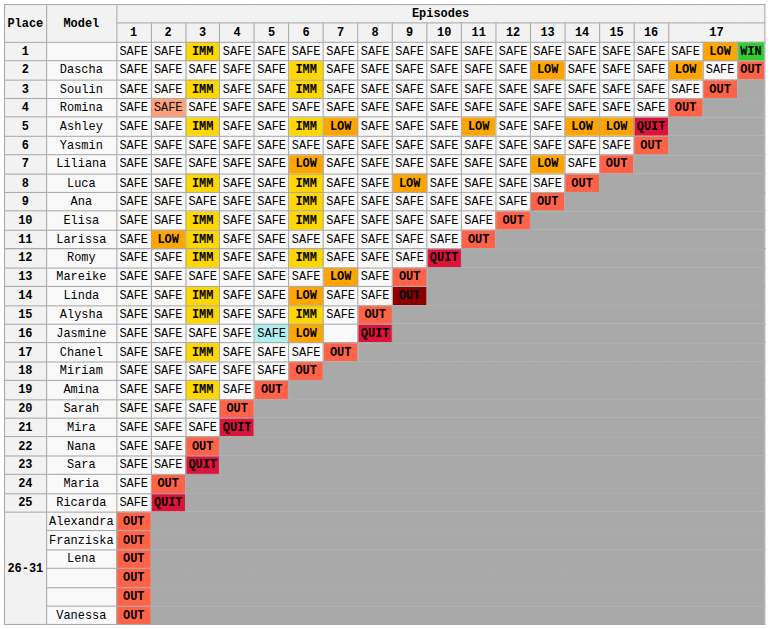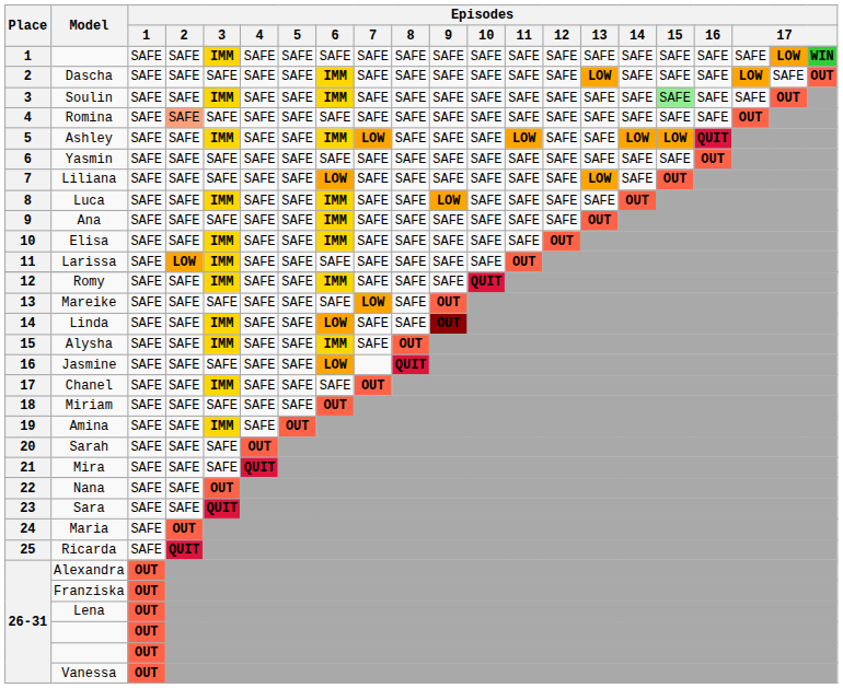 <table class="wikitable" style="width:50%; text-align:center; font-size:85%;">
 <tr>
 <th rowspan="2">Place</th>
 <th rowspan="2">Model</th>
 <th colspan="20">Episodes</th>
 </tr>
 <tr>
 <th>1</th>
 <th>2</th>
 <th>3</th>
 <th>4</th>
 <th>5</th>
 <th>6</th>
 <th>7</th>
 <th>8</th>
 <th>9</th>
 <th>10</th>
 <th>11</th>
 <th>12</th>
 <th>13</th>
 <th>14</th>
 <th>15</th>
 <th>16</th>
 <th colspan=3>17</th>
 </tr>
 <tr>
 <th>1</th>
 <td></td>
 <td>SAFE</td>
 <td>SAFE</td>
 <td style="background:gold;"><strong>IMM</strong></td>
 <td>SAFE</td>
 <td>SAFE</td>
 <td>SAFE</td>
 <td>SAFE</td>
 <td>SAFE</td>
 <td>SAFE</td>
 <td>SAFE</td>
 <td>SAFE</td>
 <td>SAFE</td>
 <td>SAFE</td>
 <td>SAFE</td>
 <td>SAFE</td>
 <td>SAFE</td>
 <td>SAFE</td>
 <td style="background:orange;"><strong>LOW</strong></td>
 <td style="background:limegreen;"><strong>WIN</strong></td>
 </tr>
 <tr>
 <th>2</th>
 <td>Dascha</td>
 <td>SAFE</td>
 <td>SAFE</td>
 <td>SAFE</td>
 <td>SAFE</td>
 <td>SAFE</td>
 <td style="background:gold;"><strong>IMM</strong></td>
 <td>SAFE</td>
 <td>SAFE</td>
 <td>SAFE</td>
 <td>SAFE</td>
 <td>SAFE</td>
 <td>SAFE</td>
 <td style="background:orange;"><strong>LOW</strong></td>
 <td>SAFE</td>
 <td>SAFE</td>
 <td>SAFE</td>
 <td style="background:orange;"><strong>LOW</strong></td>
 <td>SAFE</td>
 <td style="background:tomato;"><strong>OUT</strong></td>
 </tr>
 <tr>
 <th>3</th>
 <td>Soulin</td>
 <td>SAFE</td>
 <td>SAFE</td>
 <td style="background:gold;"><strong>IMM</strong></td>
 <td>SAFE</td>
 <td>SAFE</td>
 <td style="background:gold;"><strong>IMM</strong></td>
 <td>SAFE</td>
 <td>SAFE</td>
 <td>SAFE</td>
 <td>SAFE</td>
 <td>SAFE</td>
 <td>SAFE</td>
 <td>SAFE</td>
 <td>SAFE</td>
-<td>SAFE</td>
+<td style="background: lightgreen;">SAFE</td>
 <td>SAFE</td>
 <td>SAFE</td>
 <td style="background:tomato;"><strong>OUT</strong></td>
 <td colspan="25" style="background:darkgrey"></td>
 </tr>
 <tr>
 <th>4</th>
 <td>Romina</td>
 <td>SAFE</td>
 <td style="background: lightsalmon;">SAFE</td>
 <td>SAFE</td>
 <td>SAFE</td>
 <td>SAFE</td>
 <td>SAFE</td>
 <td>SAFE</td>
 <td>SAFE</td>
 <td>SAFE</td>
 <td>SAFE</td>
 <td>SAFE</td>
 <td>SAFE</td>
 <td>SAFE</td>
 <td>SAFE</td>
 <td>SAFE</td>
 <td>SAFE</td>
 <td style="background:tomato;"><strong>OUT</strong></td>
 <td colspan="25" style="background:darkgrey"></td>
 </tr>
 <tr>
 <th>5</th>
 <td>Ashley</td>
 <td>SAFE</td>
 <td>SAFE</td>
 <td style="background:gold;"><strong>IMM</strong></td>
 <td>SAFE</td>
 <td>SAFE</td>
 <td style="background:gold;"><strong>IMM</strong></td>
 <td style="background:orange;"><strong>LOW</strong></td>
 <td>SAFE</td>
 <td>SAFE</td>
 <td>SAFE</td>
 <td style="background:orange;"><strong>LOW</strong></td>
 <td>SAFE</td>
 <td>SAFE</td>
 <td style="background:orange;"><strong>LOW</strong></td>
 <td style="background:orange;"><strong>LOW</strong></td>
 <td style="background:crimson;"><strong><span>QUIT</span></strong></td>
 <td colspan="25" style="background:darkgrey"></td>
 </tr>
 <tr>
 <th>6</th>
 <td>Yasmin</td>
 <td>SAFE</td>
 <td>SAFE</td>
 <td>SAFE</td>
 <td>SAFE</td>
 <td>SAFE</td>
 <td>SAFE</td>
 <td>SAFE</td>
 <td>SAFE</td>
 <td>SAFE</td>
 <td>SAFE</td>
 <td>SAFE</td>
 <td>SAFE</td>
 <td>SAFE</td>
 <td>SAFE</td>
 <td>SAFE</td>
 <td style="background:tomato;"><strong>OUT</strong></td>
 <td colspan="25" style="background:darkgrey"></td>
 </tr>
 <tr>
 <th>7</th>
 <td>Liliana</td>
 <td>SAFE</td>
 <td>SAFE</td>
 <td>SAFE</td>
 <td>SAFE</td>
 <td>SAFE</td>
 <td style="background:orange;"><strong>LOW</strong></td>
 <td>SAFE</td>
 <td>SAFE</td>
 <td>SAFE</td>
 <td>SAFE</td>
 <td>SAFE</td>
 <td>SAFE</td>
 <td style="background:orange;"><strong>LOW</strong></td>
 <td>SAFE</td>
 <td style="background:tomato;"><strong>OUT</strong></td>
 <td colspan="25" style="background:darkgrey"></td>
 </tr>
 <tr>
 <th>8</th>
 <td>Luca</td>
 <td>SAFE</td>
 <td>SAFE</td>
 <td style="background:gold;"><strong>IMM</strong></td>
 <td>SAFE</td>
 <td>SAFE</td>
 <td style="background:gold;"><strong>IMM</strong></td>
 <td>SAFE</td>
 <td>SAFE</td>
 <td style="background:orange;"><strong>LOW</strong></td>
 <td>SAFE</td>
 <td>SAFE</td>
 <td>SAFE</td>
 <td>SAFE</td>
 <td style="background:tomato;"><strong>OUT</strong></td>
 <td colspan="25" style="background:darkgrey"></td>
 </tr>
 <tr>
 <th>9</th>
 <td>Ana</td>
 <td>SAFE</td>
 <td>SAFE</td>
 <td>SAFE</td>
 <td>SAFE</td>
 <td>SAFE</td>
 <td style="background:gold;"><strong>IMM</strong></td>
 <td>SAFE</td>
 <td>SAFE</td>
 <td>SAFE</td>
 <td>SAFE</td>
 <td>SAFE</td>
 <td>SAFE</td>
 <td style="background:tomato;"><strong>OUT</strong></td>
 <td colspan="25" style="background:darkgrey"></td>
 </tr>
 <tr>
 <th>10</th>
 <td>Elisa</td>
 <td>SAFE</td>
 <td>SAFE</td>
 <td style="background:gold;"><strong>IMM</strong></td>
 <td>SAFE</td>
 <td>SAFE</td>
 <td style="background:gold;"><strong>IMM</strong></td>
 <td>SAFE</td>
 <td>SAFE</td>
 <td>SAFE</td>
 <td>SAFE</td>
 <td>SAFE</td>
 <td style="background:tomato;"><strong>OUT</strong></td>
 <td colspan="25" style="background:darkgrey"></td>
 </tr>
 <tr>
 <th>11</th>
 <td>Larissa</td>
 <td>SAFE</td>
 <td style="background:orange;"><strong>LOW</strong></td>
 <td style="background:gold;"><strong>IMM</strong></td>
 <td>SAFE</td>
 <td>SAFE</td>
 <td>SAFE</td>
 <td>SAFE</td>
 <td>SAFE</td>
 <td>SAFE</td>
 <td>SAFE</td>
 <td style="background:tomato;"><strong>OUT</strong></td>
 <td colspan="25" style="background:darkgrey"></td>
 </tr>
 <tr>
 </tr>
 <tr>
 <th>12</th>
 <td>Romy</td>
 <td>SAFE</td>
 <td>SAFE</td>
 <td style="background:gold;"><strong>IMM</strong></td>
 <td>SAFE</td>
 <td>SAFE</td>
 <td style="background:gold;"><strong>IMM</strong></td>
 <td>SAFE</td>
 <td>SAFE</td>
 <td>SAFE</td>
 <td style="background:crimson;"><strong><span>QUIT</span></strong></td>
 <td colspan="25" style="background:darkgrey"></td>
 </tr>
 <tr>
 <th>13</th>
 <td>Mareike</td>
 <td>SAFE</td>
 <td>SAFE</td>
 <td>SAFE</td>
 <td>SAFE</td>
 <td>SAFE</td>
 <td>SAFE</td>
 <td style="background:orange;"><strong>LOW</strong></td>
 <td>SAFE</td>
 <td style="background:tomato;"><strong>OUT</strong></td>
 <td colspan="25" style="background:darkgrey"></td>
 </tr>
 <tr>
 <th>14</th>
 <td>Linda</td>
 <td>SAFE</td>
 <td>SAFE</td>
 <td style="background:gold;"><strong>IMM</strong></td>
 <td>SAFE</td>
 <td>SAFE</td>
 <td style="background:orange;"><strong>LOW</strong></td>
 <td>SAFE</td>
 <td>SAFE</td>
 <td style="background:darkred;"><strong><span>OUT</span></strong></td>
 <td colspan="25" style="background:darkgrey"></td>
 </tr>
 <tr>
 <th>15</th>
 <td>Alysha</td>
 <td>SAFE</td>
 <td>SAFE</td>
 <td style="background:gold;"><strong>IMM</strong></td>
 <td>SAFE</td>
 <td>SAFE</td>
 <td style="background:gold;"><strong>IMM</strong></td>
 <td>SAFE</td>
 <td style="background:tomato;"><strong>OUT</strong></td>
 <td colspan="25" style="background:darkgrey"></td>
 </tr>
 <tr>
 <th>16</th>
 <td>Jasmine</td>
 <td>SAFE</td>
 <td>SAFE</td>
 <td>SAFE</td>
 <td>SAFE</td>
-<td style="background: paleturquoise;">SAFE</td>
+<td>SAFE</td>
 <td style="background:orange;"><strong>LOW</strong></td>
 <td></td>
 <td style="background:crimson;"><strong><span>QUIT</span></strong></td>
 <td colspan="25" style="background:darkgrey"></td>
 </tr>
 <tr>
 <th>17</th>
 <td>Chanel</td>
 <td>SAFE</td>
 <td>SAFE</td>
 <td style="background:gold;"><strong>IMM</strong></td>
 <td>SAFE</td>
 <td>SAFE</td>
 <td>SAFE</td>
 <td style="background:tomato;"><strong>OUT</strong></td>
 <td colspan="25" style="background:darkgrey"></td>
 </tr>
 <tr>
 <th>18</th>
 <td>Miriam</td>
 <td>SAFE</td>
 <td>SAFE</td>
 <td>SAFE</td>
 <td>SAFE</td>
 <td>SAFE</td>
 <td style="background:tomato;"><strong>OUT</strong></td>
 <td colspan="25" style="background:darkgrey"></td>
 </tr>
 <tr>
 <th>19</th>
 <td>Amina</td>
 <td>SAFE</td>
 <td>SAFE</td>
 <td style="background:gold;"><strong>IMM</strong></td>
 <td>SAFE</td>
 <td style="background:tomato;"><strong>OUT</strong></td>
 <td colspan="25" style="background:darkgrey"></td>
 </tr>
 <tr>
 <th>20</th>
 <td>Sarah</td>
 <td>SAFE</td>
 <td>SAFE</td>
 <td>SAFE</td>
 <td style="background:tomato;"><strong>OUT</strong></td>
 <td colspan="25" style="background:darkgrey"></td>
 </tr>
 <tr>
 <th>21</th>
 <td>Mira</td>
 <td>SAFE</td>
 <td>SAFE</td>
 <td>SAFE</td>
 <td style="background:crimson;"><strong><span>QUIT</span></strong></td>
 <td colspan="25" style="background:darkgrey"></td>
 </tr>
 <tr>
 <th>22</th>
 <td>Nana</td>
 <td>SAFE</td>
 <td>SAFE</td>
 <td style="background:tomato;"><strong>OUT</strong></td>
 <td colspan="25" style="background:darkgrey"></td>
 </tr>
 <tr>
 <th>23</th>
 <td>Sara</td>
 <td>SAFE</td>
 <td>SAFE</td>
 <td style="background:crimson;"><strong><span>QUIT</span></strong></td>
 <td colspan="25" style="background:darkgrey"></td>
 </tr>
 <tr>
 <th>24</th>
 <td>Maria</td>
 <td>SAFE</td>
 <td style="background:tomato;"><strong>OUT</strong></td>
 <td colspan="25" style="background:darkgrey"></td>
 </tr>
 <tr>
 <th>25</th>
 <td>Ricarda</td>
 <td>SAFE</td>
 <td style="background:crimson;"><strong><span>QUIT</span></strong></td>
 <td colspan="25" style="background:darkgrey"></td>
 </tr>
 <tr>
 <th rowspan="6">26-31</th>
 <td>Alexandra</td>
 <td style="background:tomato;"><strong>OUT</strong></td>
 <td colspan="25" style="background:darkgrey"></td>
 </tr>
 <tr>
 <td>Franziska</td>
 <td style="background:tomato;"><strong>OUT</strong></td>
 <td colspan="25" style="background:darkgrey"></td>
 </tr>
 <tr>
 <td>Lena</td>
 <td style="background:tomato;"><strong>OUT</strong></td>
 <td colspan="25" style="background:darkgrey"></td>
 </tr>
 <tr>
 <td></td>
 <td style="background:tomato;"><strong>OUT</strong></td>
 <td colspan="25" style="background:darkgrey"></td>
 </tr>
 <tr>
 <td></td>
 <td style="background:tomato;"><strong>OUT</strong></td>
 <td colspan="25" style="background:darkgrey"></td>
 </tr>
 <tr>
 <td>Vanessa</td>
 <td style="background:tomato;"><strong>OUT</strong></td>
 <td colspan="25" style="background:darkgrey"></td>
 </tr>
 </table>
